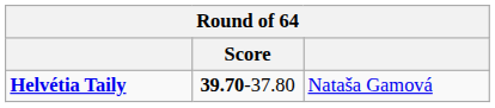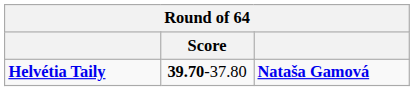 <table class="wikitable" style="text-align: center; font-size:90% ">
 <tr>
 <th colspan=3>Round of 64</th>
 </tr>
 <tr>
 <th align="right" width="130"></th>
 <th width="75">Score</th>
 <th align="left" width="130"></th>
 </tr>
 <tr>
 <td align=left><strong> <a href='#'>Helvétia Taily</a></strong></td>
 <td align=center><strong>39.70</strong>-37.80</td>
-<td align=left> <a href='#'>Nataša Gamová</a></td>
+<td align=left><strong> <a href='#'>Nataša Gamová</a></strong></td>
 </tr>
 </table>
